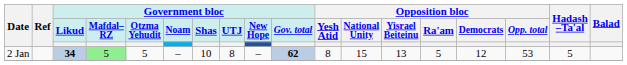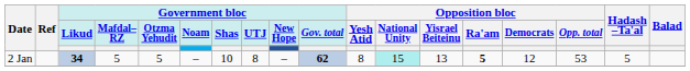 <table class="wikitable sortable" style="text-align:center;font-size:90%;line-height:12px">
 <tr>
 <th rowspan="3">Date</th>
 <th rowspan="3">Ref</th>
 <th colspan="8" style="background:#cee;"><a href='#'>Government bloc</a></th>
 <th colspan="6"><a href='#'>Opposition bloc</a></th>
 <th rowspan="2"><a href='#'>Hadash<br>–Ta'al</a></th>
 <th rowspan="2"><a href='#'>Balad</a></th>
 </tr>
 <tr>
 <th style="background:#cee"><a href='#'>Likud</a></th>
 <th style="background:#cee;font-size:90%"><a href='#'>Mafdal–<br>RZ</a></th>
 <th style="background:#cee;font-size:90%"><a href='#'>Otzma<br>Yehudit</a></th>
 <th style="background:#cee;font-size:90%"><a href='#'>Noam</a></th>
 <th style="background:#cee"><a href='#'>Shas</a></th>
 <th style="background:#cee"><a href='#'>UTJ</a></th>
 <th style="background:#cee;font-size:90%"><a href='#'>New<br>Hope</a></th>
 <th style="background:#cee;font-size:90%"><a href='#'><em>Gov. total</em></a></th>
 <th><a href='#'>Yesh<br>Atid</a></th>
 <th style="font-size:90%"><a href='#'>National<br>Unity</a></th>
 <th style="font-size:90%"><a href='#'>Yisrael<br>Beiteinu</a></th>
 <th><a href='#'>Ra'am</a></th>
 <th style="font-size:90%"><a href='#'>Democrats</a></th>
 <th style="font-size:90%"><a href='#'><em>Opp. total</em></a></th>
 </tr>
 <tr>
 <th style="background:"></th>
 <th style="background:"></th>
 <th style="background:"></th>
 <th style="background:#01AFF0"></th>
 <th style="background:"></th>
 <th style="background:"></th>
 <th style="background:#235298"></th>
 <th style="background:"></th>
 <th style="background:"></th>
 <th style="background:"></th>
 <th style="background:"></th>
 <th style="background:"></th>
 <th style="background:"></th>
 <th style="background:"></th>
 <th style="background:"></th>
 <th style="background:"></th>
 </tr>
 <tr>
 <td>2 Jan</td>
 <td></td>
 <td style="background:#BBCDE4"><strong>34</strong></td>
-<td style="background: lightgreen;">5</td>
+<td>5</td>
 <td>5</td>
 <td>–</td>
 <td>10</td>
 <td>8</td>
 <td>–</td>
 <td style="background:#bbcde4"><strong>62</strong></td>
 <td>8</td>
-<td>15</td>
+<td style="background: paleturquoise;">15</td>
 <td>13</td>
-<td>5</td>
+<td><strong>5</strong></td>
 <td>12</td>
 <td>53</td>
 <td>5</td>
 <td></td>
 </tr>
 <tr>
 </tr>
 </table>
